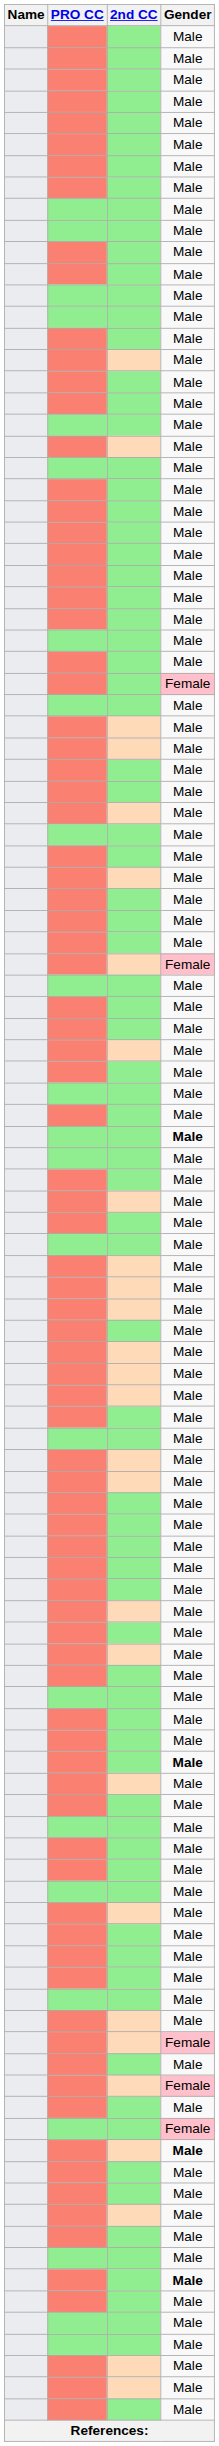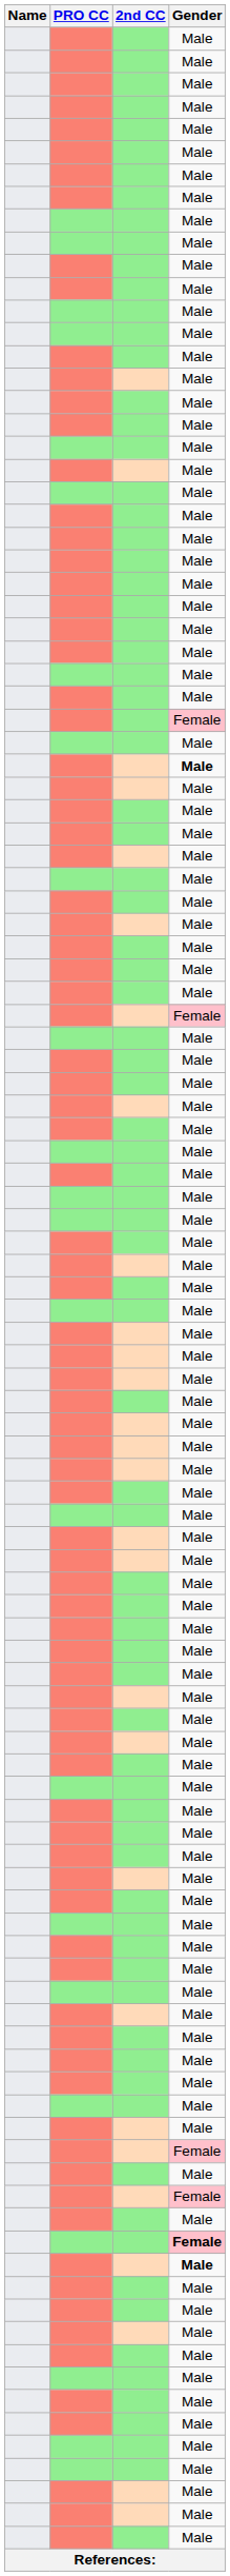 <table class="wikitable sortable" style=text-align:center>
 <tr>
 <th>Name</th>
 <th unsortable><a href='#'>PRO CC</a></th>
 <th unsortable><a href='#'>2nd CC</a></th>
 <th>Gender</th>
 </tr>
 <tr>
 <td bgcolor = #EAECF0></td>
 <td bgcolor = Salmon></td>
 <td bgcolor = LightGreen></td>
 <td>Male</td>
 </tr>
 <tr>
 <td bgcolor = #EAECF0></td>
 <td bgcolor = Salmon></td>
 <td bgcolor = LightGreen></td>
 <td>Male</td>
 </tr>
 <tr>
 <td bgcolor = #EAECF0></td>
 <td bgcolor = Salmon></td>
 <td bgcolor = LightGreen></td>
 <td>Male</td>
 </tr>
 <tr>
 <td bgcolor = #EAECF0></td>
 <td bgcolor = Salmon></td>
 <td bgcolor = LightGreen></td>
 <td>Male</td>
 </tr>
 <tr>
 <td bgcolor = #EAECF0></td>
 <td bgcolor = Salmon></td>
 <td bgcolor = LightGreen></td>
 <td>Male</td>
 </tr>
 <tr>
 <td bgcolor = #EAECF0></td>
 <td bgcolor = Salmon></td>
 <td bgcolor = LightGreen></td>
 <td>Male</td>
 </tr>
 <tr>
 <td bgcolor = #EAECF0></td>
 <td bgcolor = Salmon></td>
 <td bgcolor = LightGreen></td>
 <td>Male</td>
 </tr>
 <tr>
 <td bgcolor = #EAECF0></td>
 <td bgcolor = Salmon></td>
 <td bgcolor = LightGreen></td>
 <td>Male</td>
 </tr>
 <tr>
 <td bgcolor = #EAECF0></td>
 <td bgcolor = LightGreen></td>
 <td bgcolor = LightGreen></td>
 <td>Male</td>
 </tr>
 <tr>
 <td bgcolor = #EAECF0></td>
 <td bgcolor = LightGreen></td>
 <td bgcolor = LightGreen></td>
 <td>Male</td>
 </tr>
 <tr>
 <td bgcolor = #EAECF0></td>
 <td bgcolor = Salmon></td>
 <td bgcolor = LightGreen></td>
 <td>Male</td>
 </tr>
 <tr>
 <td bgcolor = #EAECF0></td>
 <td bgcolor = Salmon></td>
 <td bgcolor = LightGreen></td>
 <td>Male</td>
 </tr>
 <tr>
 <td bgcolor = #EAECF0></td>
 <td bgcolor = LightGreen></td>
 <td bgcolor = LightGreen></td>
 <td>Male</td>
 </tr>
 <tr>
 <td bgcolor = #EAECF0></td>
 <td bgcolor = LightGreen></td>
 <td bgcolor = LightGreen></td>
 <td>Male</td>
 </tr>
 <tr>
 <td bgcolor = #EAECF0></td>
 <td bgcolor = Salmon></td>
 <td bgcolor = LightGreen></td>
 <td>Male</td>
 </tr>
 <tr>
 <td bgcolor = #EAECF0></td>
 <td bgcolor = Salmon></td>
 <td bgcolor = PeachPuff></td>
 <td>Male</td>
 </tr>
 <tr>
 <td bgcolor = #EAECF0></td>
 <td bgcolor = Salmon></td>
 <td bgcolor = LightGreen></td>
 <td>Male</td>
 </tr>
 <tr>
 <td bgcolor = #EAECF0></td>
 <td bgcolor = Salmon></td>
 <td bgcolor = LightGreen></td>
 <td>Male</td>
 </tr>
 <tr>
 <td bgcolor = #EAECF0></td>
 <td bgcolor = LightGreen></td>
 <td bgcolor = LightGreen></td>
 <td>Male</td>
 </tr>
 <tr>
 <td bgcolor = #EAECF0></td>
 <td bgcolor = Salmon></td>
 <td bgcolor = PeachPuff></td>
 <td>Male</td>
 </tr>
 <tr>
 <td bgcolor = #EAECF0></td>
 <td bgcolor = LightGreen></td>
 <td bgcolor = LightGreen></td>
 <td>Male</td>
 </tr>
 <tr>
 <td bgcolor = #EAECF0></td>
 <td bgcolor = Salmon></td>
 <td bgcolor = LightGreen></td>
 <td>Male</td>
 </tr>
 <tr>
 <td bgcolor = #EAECF0></td>
 <td bgcolor = Salmon></td>
 <td bgcolor = LightGreen></td>
 <td>Male</td>
 </tr>
 <tr>
 <td bgcolor = #EAECF0></td>
 <td bgcolor = Salmon></td>
 <td bgcolor = LightGreen></td>
 <td>Male</td>
 </tr>
 <tr>
 <td bgcolor = #EAECF0></td>
 <td bgcolor = Salmon></td>
 <td bgcolor = LightGreen></td>
 <td>Male</td>
 </tr>
 <tr>
 <td bgcolor = #EAECF0></td>
 <td bgcolor = Salmon></td>
 <td bgcolor = LightGreen></td>
 <td>Male</td>
 </tr>
 <tr>
 <td bgcolor = #EAECF0></td>
 <td bgcolor = Salmon></td>
 <td bgcolor = LightGreen></td>
 <td>Male</td>
 </tr>
 <tr>
 <td bgcolor = #EAECF0></td>
 <td bgcolor = Salmon></td>
 <td bgcolor = LightGreen></td>
 <td>Male</td>
 </tr>
 <tr>
 <td bgcolor = #EAECF0></td>
 <td bgcolor = LightGreen></td>
 <td bgcolor = LightGreen></td>
 <td>Male</td>
 </tr>
 <tr>
 <td bgcolor = #EAECF0></td>
 <td bgcolor = Salmon></td>
 <td bgcolor = LightGreen></td>
 <td>Male</td>
 </tr>
 <tr>
 <td bgcolor = #EAECF0></td>
 <td bgcolor = Salmon></td>
 <td bgcolor = LightGreen></td>
 <td bgcolor = Pink>Female</td>
 </tr>
 <tr>
 <td bgcolor = #EAECF0></td>
 <td bgcolor = LightGreen></td>
 <td bgcolor = LightGreen></td>
 <td>Male</td>
 </tr>
 <tr>
 <td bgcolor = #EAECF0></td>
 <td bgcolor = Salmon></td>
 <td bgcolor = PeachPuff></td>
-<td>Male</td>
+<td><strong>Male</strong></td>
 </tr>
 <tr>
 <td bgcolor = #EAECF0></td>
 <td bgcolor = Salmon></td>
 <td bgcolor = PeachPuff></td>
 <td>Male</td>
 </tr>
 <tr>
 <td bgcolor = #EAECF0></td>
 <td bgcolor = Salmon></td>
 <td bgcolor = LightGreen></td>
 <td>Male</td>
 </tr>
 <tr>
 <td bgcolor = #EAECF0></td>
 <td bgcolor = Salmon></td>
 <td bgcolor = LightGreen></td>
 <td>Male</td>
 </tr>
 <tr>
 <td bgcolor = #EAECF0></td>
 <td bgcolor = Salmon></td>
 <td bgcolor = PeachPuff></td>
 <td>Male</td>
 </tr>
 <tr>
 <td bgcolor = #EAECF0></td>
 <td bgcolor = LightGreen></td>
 <td bgcolor = LightGreen></td>
 <td>Male</td>
 </tr>
 <tr>
 <td bgcolor = #EAECF0></td>
 <td bgcolor = Salmon></td>
 <td bgcolor = LightGreen></td>
 <td>Male</td>
 </tr>
 <tr>
 <td bgcolor = #EAECF0></td>
 <td bgcolor = Salmon></td>
 <td bgcolor = PeachPuff></td>
 <td>Male</td>
 </tr>
 <tr>
 <td bgcolor = #EAECF0></td>
 <td bgcolor = Salmon></td>
 <td bgcolor = LightGreen></td>
 <td>Male</td>
 </tr>
 <tr>
 <td bgcolor = #EAECF0></td>
 <td bgcolor = Salmon></td>
 <td bgcolor = LightGreen></td>
 <td>Male</td>
 </tr>
 <tr>
 <td bgcolor = #EAECF0></td>
 <td bgcolor = Salmon></td>
 <td bgcolor = LightGreen></td>
 <td>Male</td>
 </tr>
 <tr>
 <td bgcolor = #EAECF0></td>
 <td bgcolor = Salmon></td>
 <td bgcolor = PeachPuff></td>
 <td bgcolor = Pink>Female</td>
 </tr>
 <tr>
 <td bgcolor = #EAECF0></td>
 <td bgcolor = LightGreen></td>
 <td bgcolor = LightGreen></td>
 <td>Male</td>
 </tr>
 <tr>
 <td bgcolor = #EAECF0></td>
 <td bgcolor = Salmon></td>
 <td bgcolor = LightGreen></td>
 <td>Male</td>
 </tr>
 <tr>
 <td bgcolor = #EAECF0></td>
 <td bgcolor = Salmon></td>
 <td bgcolor = LightGreen></td>
 <td>Male</td>
 </tr>
 <tr>
 <td bgcolor = #EAECF0></td>
 <td bgcolor = Salmon></td>
 <td bgcolor = PeachPuff></td>
 <td>Male</td>
 </tr>
 <tr>
 <td bgcolor = #EAECF0></td>
 <td bgcolor = Salmon></td>
 <td bgcolor = LightGreen></td>
 <td>Male</td>
 </tr>
 <tr>
 <td bgcolor = #EAECF0></td>
 <td bgcolor = LightGreen></td>
 <td bgcolor = LightGreen></td>
 <td>Male</td>
 </tr>
 <tr>
 <td bgcolor = #EAECF0></td>
 <td bgcolor = Salmon></td>
 <td bgcolor = LightGreen></td>
 <td>Male</td>
 </tr>
 <tr>
 <td bgcolor = #EAECF0></td>
 <td bgcolor = LightGreen></td>
 <td bgcolor = LightGreen></td>
-<td><strong>Male</strong></td>
+<td>Male</td>
 </tr>
 <tr>
 <td bgcolor = #EAECF0></td>
 <td bgcolor = LightGreen></td>
 <td bgcolor = LightGreen></td>
 <td>Male</td>
 </tr>
 <tr>
 <td bgcolor = #EAECF0></td>
 <td bgcolor = Salmon></td>
 <td bgcolor = LightGreen></td>
 <td>Male</td>
 </tr>
 <tr>
 <td bgcolor = #EAECF0></td>
 <td bgcolor = Salmon></td>
 <td bgcolor = PeachPuff></td>
 <td>Male</td>
 </tr>
 <tr>
 <td bgcolor = #EAECF0></td>
 <td bgcolor = Salmon></td>
 <td bgcolor = LightGreen></td>
 <td>Male</td>
 </tr>
 <tr>
 <td bgcolor = #EAECF0></td>
 <td bgcolor = LightGreen></td>
 <td bgcolor = LightGreen></td>
 <td>Male</td>
 </tr>
 <tr>
 <td bgcolor = #EAECF0></td>
 <td bgcolor = Salmon></td>
 <td bgcolor = PeachPuff></td>
 <td>Male</td>
 </tr>
 <tr>
 <td bgcolor = #EAECF0></td>
 <td bgcolor = Salmon></td>
 <td bgcolor = PeachPuff></td>
 <td>Male</td>
 </tr>
 <tr>
 <td bgcolor = #EAECF0></td>
 <td bgcolor = Salmon></td>
 <td bgcolor = PeachPuff></td>
 <td>Male</td>
 </tr>
 <tr>
 <td bgcolor = #EAECF0></td>
 <td bgcolor = Salmon></td>
 <td bgcolor = LightGreen></td>
 <td>Male</td>
 </tr>
 <tr>
 <td bgcolor = #EAECF0></td>
 <td bgcolor = Salmon></td>
 <td bgcolor = PeachPuff></td>
 <td>Male</td>
 </tr>
 <tr>
 <td bgcolor = #EAECF0></td>
 <td bgcolor = Salmon></td>
 <td bgcolor = PeachPuff></td>
 <td>Male</td>
 </tr>
 <tr>
 <td bgcolor = #EAECF0></td>
 <td bgcolor = Salmon></td>
 <td bgcolor = PeachPuff></td>
 <td>Male</td>
 </tr>
 <tr>
 <td bgcolor = #EAECF0></td>
 <td bgcolor = Salmon></td>
 <td bgcolor = LightGreen></td>
 <td>Male</td>
 </tr>
 <tr>
 <td bgcolor = #EAECF0></td>
 <td bgcolor = LightGreen></td>
 <td bgcolor = LightGreen></td>
 <td>Male</td>
 </tr>
 <tr>
 <td bgcolor = #EAECF0></td>
 <td bgcolor = Salmon></td>
 <td bgcolor = PeachPuff></td>
 <td>Male</td>
 </tr>
 <tr>
 <td bgcolor = #EAECF0></td>
 <td bgcolor = Salmon></td>
 <td bgcolor = PeachPuff></td>
 <td>Male</td>
 </tr>
 <tr>
 <td bgcolor = #EAECF0></td>
 <td bgcolor = Salmon></td>
 <td bgcolor = LightGreen></td>
 <td>Male</td>
 </tr>
 <tr>
 <td bgcolor = #EAECF0></td>
 <td bgcolor = Salmon></td>
 <td bgcolor = LightGreen></td>
 <td>Male</td>
 </tr>
 <tr>
 <td bgcolor = #EAECF0></td>
 <td bgcolor = Salmon></td>
 <td bgcolor = LightGreen></td>
 <td>Male</td>
 </tr>
 <tr>
 <td bgcolor = #EAECF0></td>
 <td bgcolor = Salmon></td>
 <td bgcolor = LightGreen></td>
 <td>Male</td>
 </tr>
 <tr>
 <td bgcolor = #EAECF0></td>
 <td bgcolor = Salmon></td>
 <td bgcolor = LightGreen></td>
 <td>Male</td>
 </tr>
 <tr>
 <td bgcolor = #EAECF0></td>
 <td bgcolor = Salmon></td>
 <td bgcolor = PeachPuff></td>
 <td>Male</td>
 </tr>
 <tr>
 <td bgcolor = #EAECF0></td>
 <td bgcolor = Salmon></td>
 <td bgcolor = LightGreen></td>
 <td>Male</td>
 </tr>
 <tr>
 <td bgcolor = #EAECF0></td>
 <td bgcolor = Salmon></td>
 <td bgcolor = PeachPuff></td>
 <td>Male</td>
 </tr>
 <tr>
 <td bgcolor = #EAECF0></td>
 <td bgcolor = Salmon></td>
 <td bgcolor = LightGreen></td>
 <td>Male</td>
 </tr>
 <tr>
 <td bgcolor = #EAECF0></td>
 <td bgcolor = LightGreen></td>
 <td bgcolor = LightGreen></td>
 <td>Male</td>
 </tr>
 <tr>
 <td bgcolor = #EAECF0></td>
 <td bgcolor = Salmon></td>
 <td bgcolor = LightGreen></td>
 <td>Male</td>
 </tr>
 <tr>
 <td bgcolor = #EAECF0></td>
 <td bgcolor = Salmon></td>
 <td bgcolor = LightGreen></td>
 <td>Male</td>
 </tr>
 <tr>
 <td bgcolor = #EAECF0></td>
 <td bgcolor = Salmon></td>
 <td bgcolor = LightGreen></td>
-<td><strong>Male</strong></td>
+<td>Male</td>
 </tr>
 <tr>
 <td bgcolor = #EAECF0></td>
 <td bgcolor = Salmon></td>
 <td bgcolor = PeachPuff></td>
 <td>Male</td>
 </tr>
 <tr>
 <td bgcolor = #EAECF0></td>
 <td bgcolor = Salmon></td>
 <td bgcolor = LightGreen></td>
 <td>Male</td>
 </tr>
 <tr>
 <td bgcolor = #EAECF0></td>
 <td bgcolor = LightGreen></td>
 <td bgcolor = LightGreen></td>
 <td>Male</td>
 </tr>
 <tr>
 <td bgcolor = #EAECF0></td>
 <td bgcolor = Salmon></td>
 <td bgcolor = LightGreen></td>
 <td>Male</td>
 </tr>
 <tr>
 <td bgcolor = #EAECF0></td>
 <td bgcolor = Salmon></td>
 <td bgcolor = LightGreen></td>
 <td>Male</td>
 </tr>
 <tr>
 <td bgcolor = #EAECF0></td>
 <td bgcolor = LightGreen></td>
 <td bgcolor = LightGreen></td>
 <td>Male</td>
 </tr>
 <tr>
 <td bgcolor = #EAECF0></td>
 <td bgcolor = Salmon></td>
 <td bgcolor = PeachPuff></td>
 <td>Male</td>
 </tr>
 <tr>
 <td bgcolor = #EAECF0></td>
 <td bgcolor = Salmon></td>
 <td bgcolor = LightGreen></td>
 <td>Male</td>
 </tr>
 <tr>
 <td bgcolor = #EAECF0></td>
 <td bgcolor = Salmon></td>
 <td bgcolor = LightGreen></td>
 <td>Male</td>
 </tr>
 <tr>
 <td bgcolor = #EAECF0></td>
 <td bgcolor = Salmon></td>
 <td bgcolor = LightGreen></td>
 <td>Male</td>
 </tr>
 <tr>
 <td bgcolor = #EAECF0></td>
 <td bgcolor = LightGreen></td>
 <td bgcolor = LightGreen></td>
 <td>Male</td>
 </tr>
 <tr>
 <td bgcolor = #EAECF0></td>
 <td bgcolor = Salmon></td>
 <td bgcolor = PeachPuff></td>
 <td>Male</td>
 </tr>
 <tr>
 <td bgcolor = #EAECF0></td>
 <td bgcolor = Salmon></td>
 <td bgcolor = PeachPuff></td>
 <td bgcolor = Pink>Female</td>
 </tr>
 <tr>
 <td bgcolor = #EAECF0></td>
 <td bgcolor = Salmon></td>
 <td bgcolor = LightGreen></td>
 <td>Male</td>
 </tr>
 <tr>
 <td bgcolor = #EAECF0></td>
 <td bgcolor = Salmon></td>
 <td bgcolor = PeachPuff></td>
 <td bgcolor = Pink>Female</td>
 </tr>
 <tr>
 <td bgcolor = #EAECF0></td>
 <td bgcolor = Salmon></td>
 <td bgcolor = LightGreen></td>
 <td>Male</td>
 </tr>
 <tr>
 <td bgcolor = #EAECF0></td>
 <td bgcolor = LightGreen></td>
 <td bgcolor = LightGreen></td>
-<td bgcolor = Pink>Female</td>
+<td bgcolor = Pink><strong>Female</strong></td>
 </tr>
 <tr>
 <td bgcolor = #EAECF0></td>
 <td bgcolor = Salmon></td>
 <td bgcolor = PeachPuff></td>
 <td><strong>Male</strong></td>
 </tr>
 <tr>
 <td bgcolor = #EAECF0></td>
 <td bgcolor = Salmon></td>
 <td bgcolor = LightGreen></td>
 <td>Male</td>
 </tr>
 <tr>
 <td bgcolor = #EAECF0></td>
 <td bgcolor = Salmon></td>
 <td bgcolor = LightGreen></td>
 <td>Male</td>
 </tr>
 <tr>
 <td bgcolor = #EAECF0></td>
 <td bgcolor = Salmon></td>
 <td bgcolor = PeachPuff></td>
 <td>Male</td>
 </tr>
 <tr>
 <td bgcolor = #EAECF0></td>
 <td bgcolor = Salmon></td>
 <td bgcolor = LightGreen></td>
 <td>Male</td>
 </tr>
 <tr>
 <td bgcolor = #EAECF0></td>
 <td bgcolor = LightGreen></td>
 <td bgcolor = LightGreen></td>
 <td>Male</td>
 </tr>
 <tr>
 <td bgcolor = #EAECF0></td>
 <td bgcolor = Salmon></td>
 <td bgcolor = LightGreen></td>
-<td><strong>Male</strong></td>
+<td>Male</td>
 </tr>
 <tr>
 <td bgcolor = #EAECF0></td>
 <td bgcolor = Salmon></td>
 <td bgcolor = LightGreen></td>
 <td>Male</td>
 </tr>
 <tr>
 <td bgcolor = #EAECF0></td>
 <td bgcolor = LightGreen></td>
 <td bgcolor = LightGreen></td>
 <td>Male</td>
 </tr>
 <tr>
 <td bgcolor = #EAECF0></td>
 <td bgcolor = LightGreen></td>
 <td bgcolor = LightGreen></td>
 <td>Male</td>
 </tr>
 <tr>
 <td bgcolor = #EAECF0></td>
 <td bgcolor = Salmon></td>
 <td bgcolor = PeachPuff></td>
 <td>Male</td>
 </tr>
 <tr>
 <td bgcolor = #EAECF0></td>
 <td bgcolor = Salmon></td>
 <td bgcolor = PeachPuff></td>
 <td>Male</td>
 </tr>
 <tr>
 <td bgcolor = #EAECF0></td>
 <td bgcolor = Salmon></td>
 <td bgcolor = LightGreen></td>
 <td>Male</td>
 </tr>
 <tr class=sortbottom>
 <th colspan = "23" align = left><strong>References:</strong><br></th>
 </tr>
 </table>
